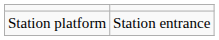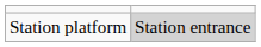 <table class="wikitable floatright">
 <tr>
 <td></td>
 <td></td>
 </tr>
 <tr>
 <td>Station platform</td>
-<td>Station entrance</td>
+<td style="background: lightgrey;">Station entrance</td>
 </tr>
 </table>
